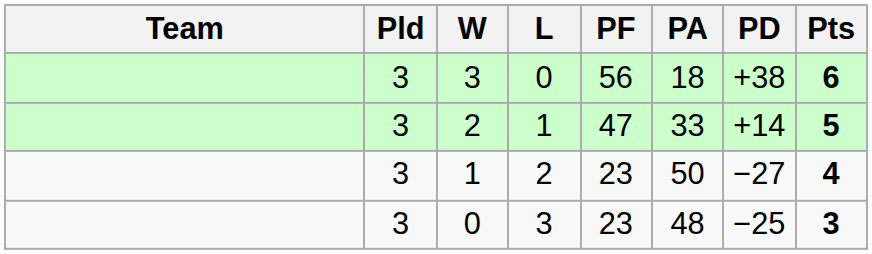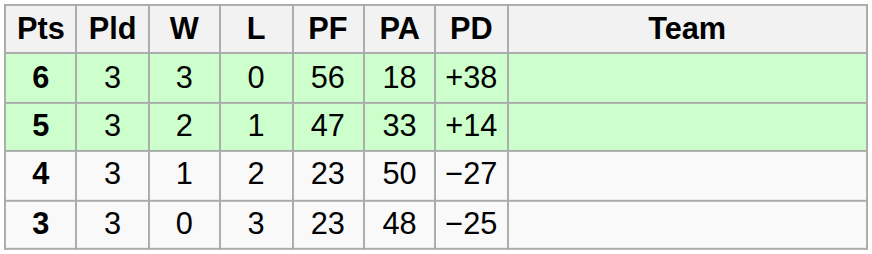 <table class=wikitable style="text-align:center">
 <tr>
-<th width=180>Team</th>
+<th width=30>Pts</th>
 <th width=30>Pld</th>
 <th width=30>W</th>
 <th width=30>L</th>
 <th width=30>PF</th>
 <th width=30>PA</th>
 <th width=30>PD</th>
-<th width=30>Pts</th>
+<th width=180>Team</th>
 </tr>
 <tr bgcolor="#ccffcc">
-<td align=left></td>
+<td><strong>6</strong></td>
 <td>3</td>
 <td>3</td>
 <td>0</td>
 <td>56</td>
 <td>18</td>
 <td>+38</td>
-<td><strong>6</strong></td>
+<td align=left></td>
 </tr>
 <tr bgcolor="#ccffcc">
-<td align=left></td>
+<td><strong>5</strong></td>
 <td>3</td>
 <td>2</td>
 <td>1</td>
 <td>47</td>
 <td>33</td>
 <td>+14</td>
-<td><strong>5</strong></td>
+<td align=left></td>
 </tr>
 <tr>
-<td align=left></td>
+<td><strong>4</strong></td>
 <td>3</td>
 <td>1</td>
 <td>2</td>
 <td>23</td>
 <td>50</td>
 <td>−27</td>
-<td><strong>4</strong></td>
+<td align=left></td>
 </tr>
 <tr>
-<td align=left></td>
+<td><strong>3</strong></td>
 <td>3</td>
 <td>0</td>
 <td>3</td>
 <td>23</td>
 <td>48</td>
 <td>−25</td>
-<td><strong>3</strong></td>
+<td align=left></td>
 </tr>
 </table>
